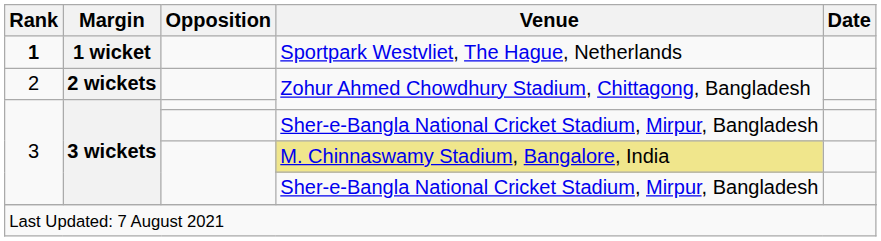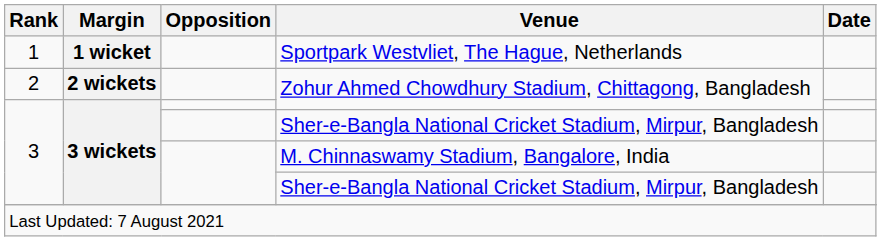 <table class="wikitable plainrowheaders sortable">
 <tr>
 <th scope=col>Rank</th>
 <th scope=col>Margin</th>
 <th scope=col>Opposition</th>
 <th scope=col>Venue</th>
 <th scope=col>Date</th>
 </tr>
 <tr>
-<td align=center><strong>1</strong></td>
+<td align=center>1</td>
 <th scope=row style=text-align:center>1 wicket</th>
 <td></td>
 <td><a href='#'>Sportpark Westvliet</a>, <a href='#'>The Hague</a>, Netherlands</td>
 <td></td>
 </tr>
 <tr>
 <td align=center>2</td>
 <th scope=row style=text-align:center>2 wickets</th>
 <td></td>
 <td rowspan=2><a href='#'>Zohur Ahmed Chowdhury Stadium</a>, <a href='#'>Chittagong</a>, Bangladesh</td>
 <td> </td>
 </tr>
 <tr>
 <td align=center rowspan=4>3</td>
 <th scope=row style=text-align:center rowspan=4>3 wickets</th>
 <td></td>
 <td></td>
 </tr>
 <tr>
 <td></td>
 <td><a href='#'>Sher-e-Bangla National Cricket Stadium</a>, <a href='#'>Mirpur</a>, Bangladesh</td>
 <td></td>
 </tr>
 <tr>
 <td rowspan=2></td>
-<td style="background: khaki;"><a href='#'>M. Chinnaswamy Stadium</a>, <a href='#'>Bangalore</a>, India</td>
+<td><a href='#'>M. Chinnaswamy Stadium</a>, <a href='#'>Bangalore</a>, India</td>
 <td> </td>
 </tr>
 <tr>
 <td><a href='#'>Sher-e-Bangla National Cricket Stadium</a>, <a href='#'>Mirpur</a>, Bangladesh</td>
 <td></td>
 </tr>
 <tr>
 </tr>
 <tr class=sortbottom>
 <td colspan=5><small>Last Updated: 7 August 2021</small></td>
 </tr>
 </table>
